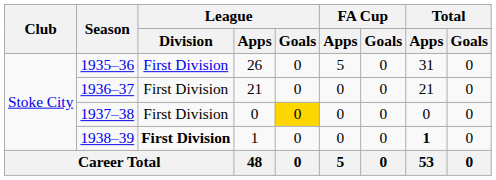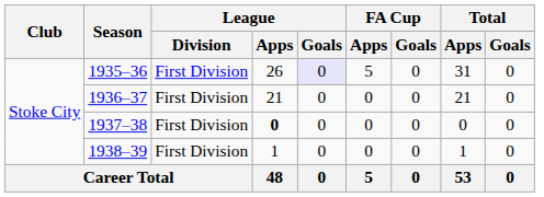 <table class="wikitable" style="text-align: center;">
 <tr>
 <th rowspan="2">Club</th>
 <th rowspan="2">Season</th>
 <th colspan="3">League</th>
 <th colspan="2">FA Cup</th>
 <th colspan="2">Total</th>
 </tr>
 <tr>
 <th>Division</th>
 <th>Apps</th>
 <th>Goals</th>
 <th>Apps</th>
 <th>Goals</th>
 <th>Apps</th>
 <th>Goals</th>
 </tr>
 <tr>
 <td rowspan="4"><a href='#'>Stoke City</a></td>
 <td><a href='#'>1935–36</a></td>
 <td><a href='#'>First Division</a></td>
 <td>26</td>
-<td>0</td>
+<td style="background: lavender;">0</td>
 <td>5</td>
 <td>0</td>
 <td>31</td>
 <td>0</td>
 </tr>
 <tr>
 <td><a href='#'>1936–37</a></td>
 <td>First Division</td>
 <td>21</td>
 <td>0</td>
 <td>0</td>
 <td>0</td>
 <td>21</td>
 <td>0</td>
 </tr>
 <tr>
 <td><a href='#'>1937–38</a></td>
 <td>First Division</td>
+<td><strong>0</strong></td>
 <td>0</td>
-<td style="background: gold;">0</td>
 <td>0</td>
 <td>0</td>
 <td>0</td>
 <td>0</td>
 </tr>
 <tr>
 <td><a href='#'>1938–39</a></td>
-<td><strong>First Division</strong></td>
+<td>First Division</td>
 <td>1</td>
 <td>0</td>
 <td>0</td>
 <td>0</td>
-<td><strong>1</strong></td>
+<td>1</td>
 <td>0</td>
 </tr>
 <tr>
 <th colspan="3">Career Total</th>
 <th>48</th>
 <th>0</th>
 <th>5</th>
 <th>0</th>
 <th>53</th>
 <th>0</th>
 </tr>
 </table>
